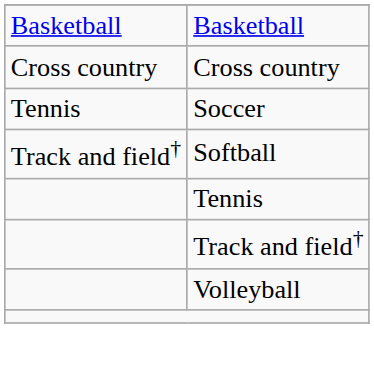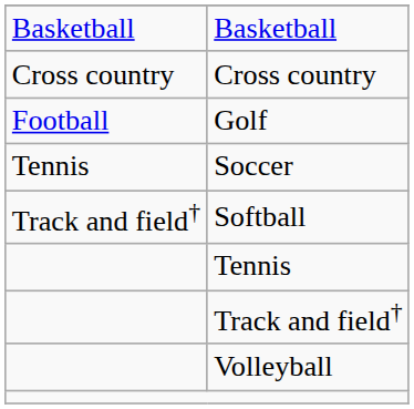 <table class="wikitable" style=" ">
 <tr>
 </tr>
 <tr>
 <td><a href='#'>Basketball</a></td>
 <td><a href='#'>Basketball</a></td>
 </tr>
 <tr>
 <td>Cross country</td>
 <td>Cross country</td>
+</tr>
+<tr>
+<td><a href='#'>Football</a></td>
+<td>Golf</td>
 </tr>
 <tr>
 <td>Tennis</td>
 <td>Soccer</td>
 </tr>
 <tr>
 <td>Track and field<sup>†</sup></td>
 <td>Softball</td>
 </tr>
 <tr>
 <td></td>
 <td>Tennis</td>
 </tr>
 <tr>
 <td></td>
 <td>Track and field<sup>†</sup></td>
 </tr>
 <tr>
 <td></td>
 <td>Volleyball</td>
 </tr>
 <tr>
 <td colspan="2"></td>
 </tr>
 </table>
